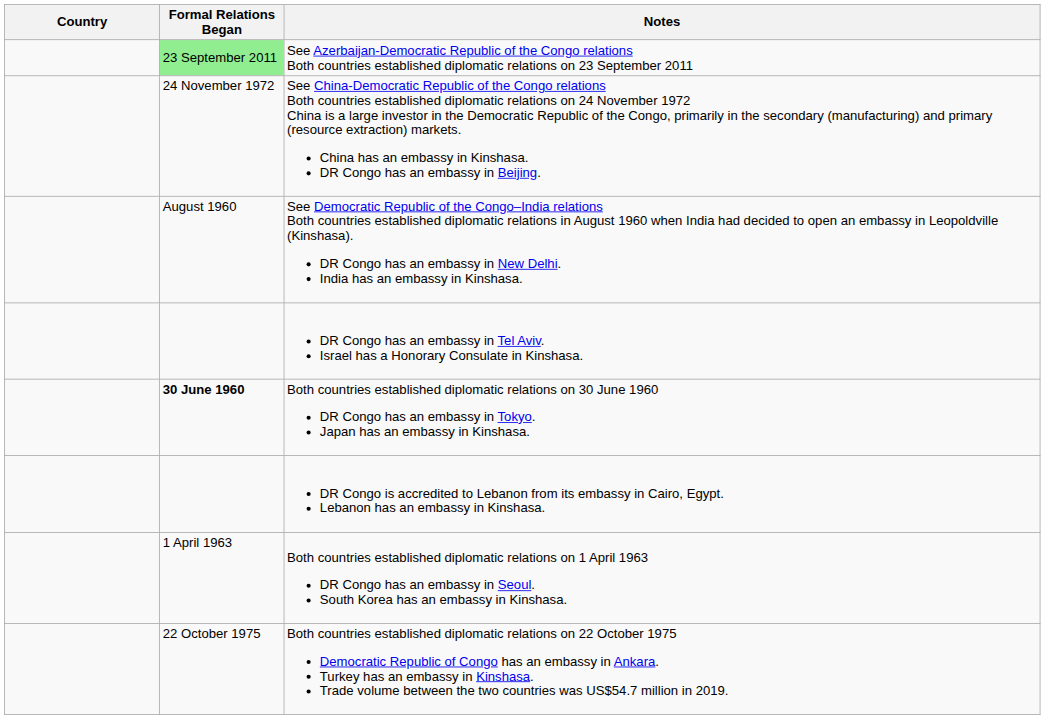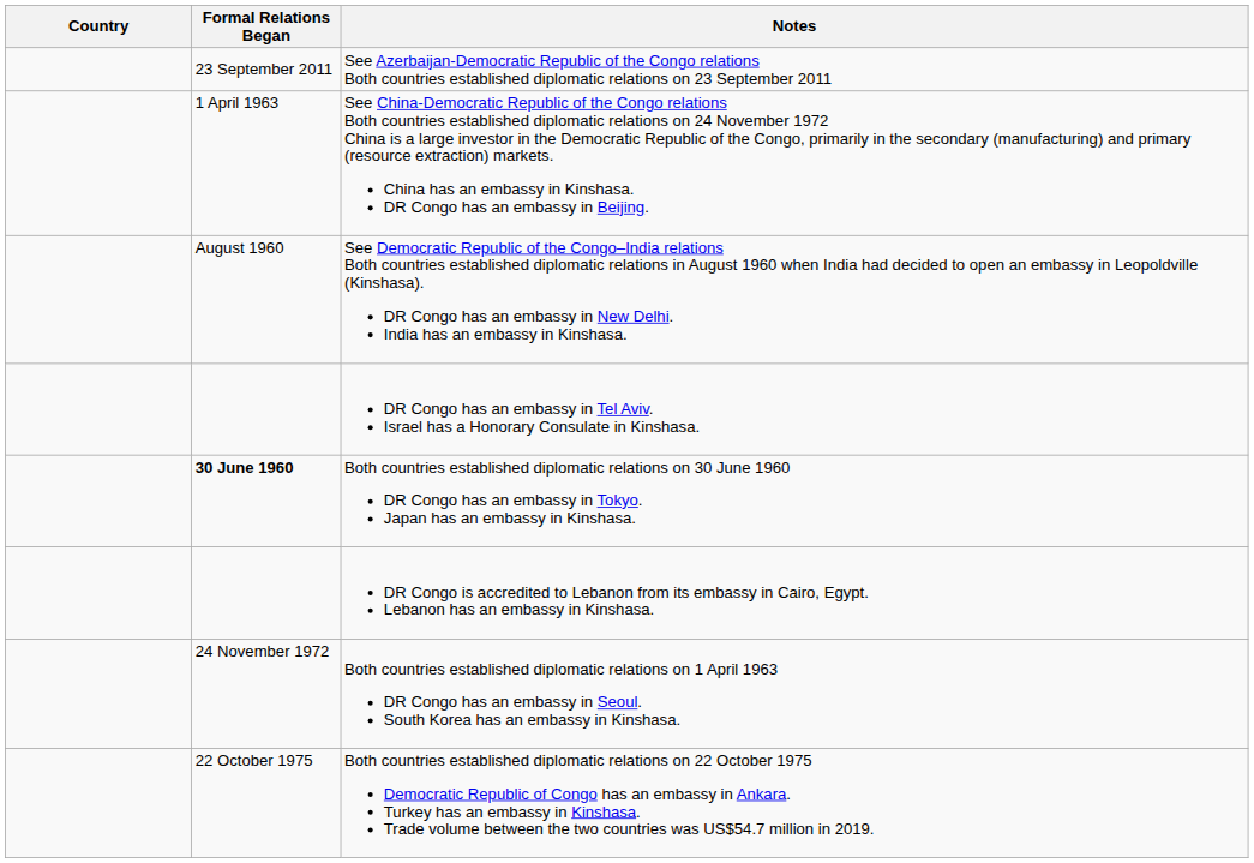 <table class="wikitable sortable" style="width:100%; margin:auto;">
 <tr>
 <th style="width:15%;">Country</th>
 <th style="width:12%;">Formal Relations Began</th>
 <th>Notes</th>
 </tr>
 <tr>
 <td></td>
-<td style="background: lightgreen;">23 September 2011</td>
+<td>23 September 2011</td>
 <td>See <a href='#'>Azerbaijan-Democratic Republic of the Congo relations</a><br>Both countries established diplomatic relations on 23 September 2011</td>
 </tr>
 <tr valign="top">
 <td></td>
-<td>24 November 1972</td>
+<td>1 April 1963</td>
 <td>See <a href='#'>China-Democratic Republic of the Congo relations</a><br>Both countries established diplomatic relations on 24 November 1972<br>China is a large investor in the Democratic Republic of the Congo, primarily in the secondary (manufacturing) and primary (resource extraction) markets.<ul><li>China has an embassy in Kinshasa.</li><li>DR Congo has an embassy in <a href='#'>Beijing</a>.</li></ul></td>
 </tr>
 <tr valign="top">
 <td></td>
 <td>August 1960</td>
 <td>See <a href='#'>Democratic Republic of the Congo–India relations</a><br>Both countries established diplomatic relations in August 1960 when India had decided to open an embassy in Leopoldville (Kinshasa).<ul><li>DR Congo has an embassy in <a href='#'>New Delhi</a>.</li><li>India has an embassy in Kinshasa.</li></ul></td>
 </tr>
 <tr valign="top">
 <td></td>
 <td></td>
 <td><br><ul><li>DR Congo has an embassy in <a href='#'>Tel Aviv</a>.</li><li>Israel has a Honorary Consulate in Kinshasa.</li></ul></td>
 </tr>
 <tr valign="top">
 <td></td>
 <td><strong>30 June 1960</strong></td>
 <td>Both countries established diplomatic relations on 30 June 1960<br><ul><li>DR Congo has an embassy in <a href='#'>Tokyo</a>.</li><li>Japan has an embassy in Kinshasa.</li></ul></td>
 </tr>
 <tr valign="top">
 <td></td>
 <td></td>
 <td><br><ul><li>DR Congo is accredited to Lebanon from its embassy in Cairo, Egypt.</li><li>Lebanon has an embassy in Kinshasa.</li></ul></td>
 </tr>
 <tr valign="top">
 <td></td>
-<td>1 April 1963</td>
+<td>24 November 1972</td>
 <td><br>Both countries established diplomatic relations on 1 April 1963<ul><li>DR Congo has an embassy in <a href='#'>Seoul</a>.</li><li>South Korea has an embassy in Kinshasa.</li></ul></td>
 </tr>
 <tr valign="top">
 <td></td>
 <td>22 October 1975</td>
 <td>Both countries established diplomatic relations on 22 October 1975<br><ul><li><a href='#'>Democratic Republic of Congo</a> has an embassy in <a href='#'>Ankara</a>.</li><li>Turkey has an embassy in <a href='#'>Kinshasa</a>.</li><li>Trade volume between the two countries was US$54.7 million in 2019.</li></ul></td>
 </tr>
 </table>
